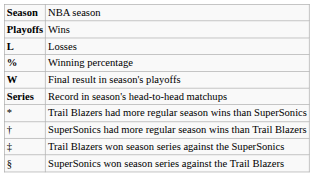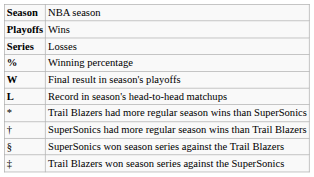 <table class="wikitable">
 <tr>
 <td><strong>Season</strong></td>
 <td>NBA season</td>
 </tr>
 <tr>
 <td><strong>Playoffs</strong></td>
 <td>Wins</td>
 </tr>
 <tr>
-<td><strong>L</strong></td>
+<td><strong>Series</strong></td>
 <td>Losses</td>
 </tr>
 <tr>
 <td><strong>%</strong></td>
 <td>Winning percentage</td>
 </tr>
 <tr>
 <td><strong>W</strong></td>
 <td>Final result in season's playoffs</td>
 </tr>
 <tr>
-<td><strong>Series</strong></td>
+<td><strong>L</strong></td>
 <td>Record in season's head-to-head matchups</td>
 </tr>
 <tr>
 <td>*</td>
 <td>Trail Blazers had more regular season wins than SuperSonics</td>
 </tr>
 <tr>
 <td>†</td>
 <td>SuperSonics had more regular season wins than Trail Blazers</td>
 </tr>
 <tr>
+<td>§</td>
+<td>SuperSonics won season series against the Trail Blazers</td>
+</tr>
+<tr>
 <td>‡</td>
 <td>Trail Blazers won season series against the SuperSonics</td>
 </tr>
-<tr>
-<td>§</td>
-<td>SuperSonics won season series against the Trail Blazers</td>
-</tr>
 </table>
